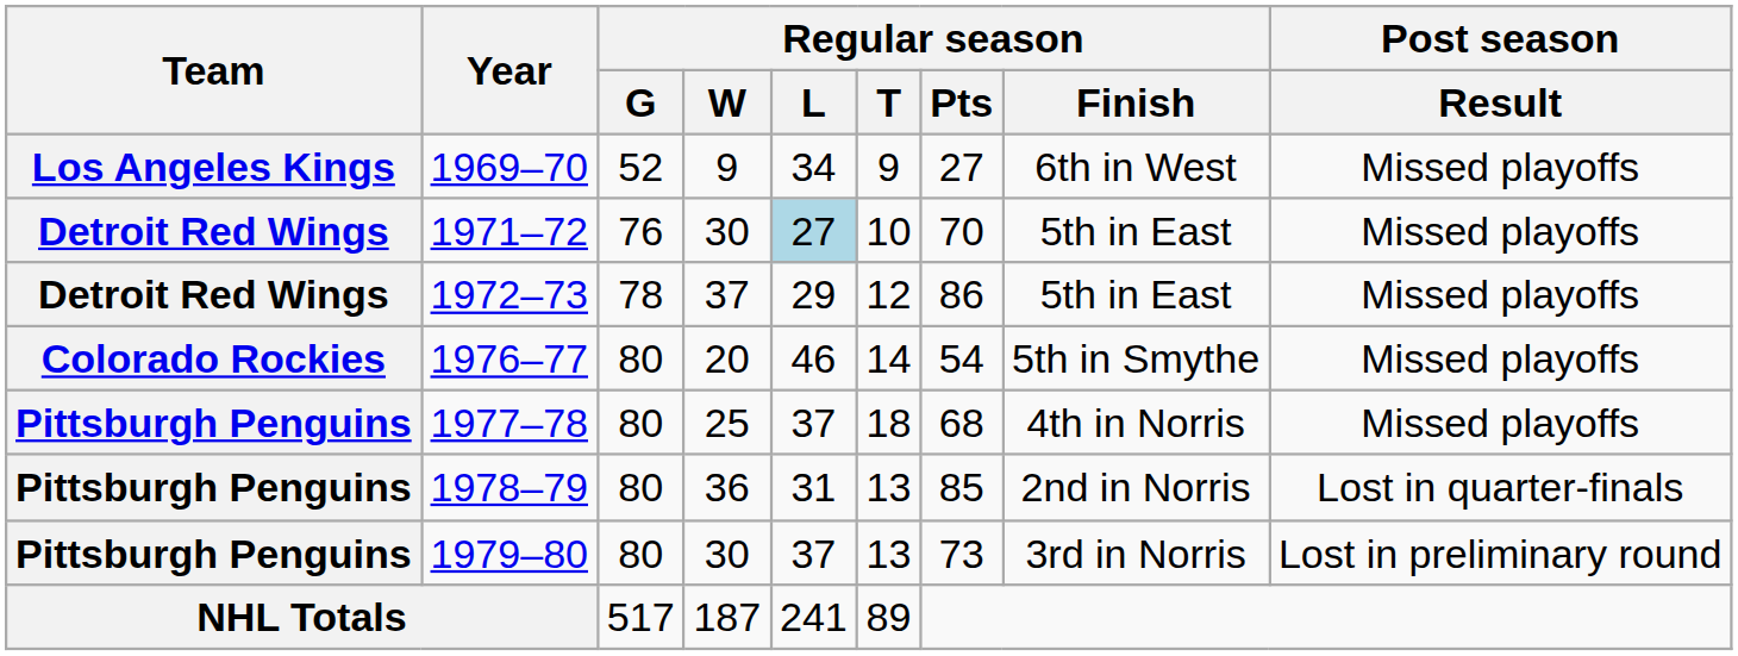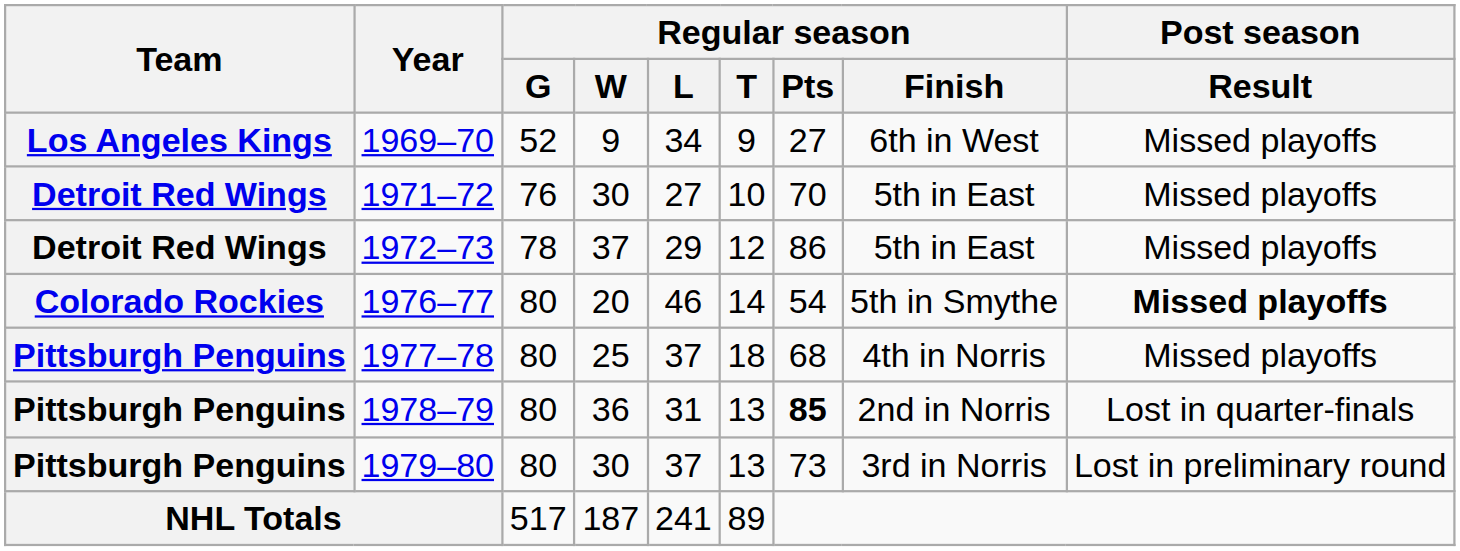 <table class="wikitable" style="font-size: 95%; text-align:center;">
 <tr>
 <th rowspan="2">Team</th>
 <th rowspan="2">Year</th>
 <th colspan="6">Regular season</th>
 <th colspan="1">Post season</th>
 </tr>
 <tr>
 <th>G</th>
 <th>W</th>
 <th>L</th>
 <th>T</th>
 <th>Pts</th>
 <th>Finish</th>
 <th>Result</th>
 </tr>
 <tr>
 <th><a href='#'>Los Angeles Kings</a></th>
 <td><a href='#'>1969–70</a></td>
 <td>52</td>
 <td>9</td>
 <td>34</td>
 <td>9</td>
 <td>27</td>
 <td>6th in West</td>
 <td>Missed playoffs</td>
 </tr>
 <tr>
 <th><a href='#'>Detroit Red Wings</a></th>
 <td><a href='#'>1971–72</a></td>
 <td>76</td>
 <td>30</td>
-<td style="background: lightblue;">27</td>
+<td>27</td>
 <td>10</td>
 <td>70</td>
 <td>5th in East</td>
 <td>Missed playoffs</td>
 </tr>
 <tr>
 <th>Detroit Red Wings</th>
 <td><a href='#'>1972–73</a></td>
 <td>78</td>
 <td>37</td>
 <td>29</td>
 <td>12</td>
 <td>86</td>
 <td>5th in East</td>
 <td>Missed playoffs</td>
 </tr>
 <tr>
 <th><a href='#'>Colorado Rockies</a></th>
 <td><a href='#'>1976–77</a></td>
 <td>80</td>
 <td>20</td>
 <td>46</td>
 <td>14</td>
 <td>54</td>
 <td>5th in Smythe</td>
-<td>Missed playoffs</td>
+<td><strong>Missed playoffs</strong></td>
 </tr>
 <tr>
 <th><a href='#'>Pittsburgh Penguins</a></th>
 <td><a href='#'>1977–78</a></td>
 <td>80</td>
 <td>25</td>
 <td>37</td>
 <td>18</td>
 <td>68</td>
 <td>4th in Norris</td>
 <td>Missed playoffs</td>
 </tr>
 <tr>
 <th>Pittsburgh Penguins</th>
 <td><a href='#'>1978–79</a></td>
 <td>80</td>
 <td>36</td>
 <td>31</td>
 <td>13</td>
-<td>85</td>
+<td><strong>85</strong></td>
 <td>2nd in Norris</td>
 <td>Lost in quarter-finals</td>
 </tr>
 <tr>
 <th>Pittsburgh Penguins</th>
 <td><a href='#'>1979–80</a></td>
 <td>80</td>
 <td>30</td>
 <td>37</td>
 <td>13</td>
 <td>73</td>
 <td>3rd in Norris</td>
 <td>Lost in preliminary round</td>
 </tr>
 <tr>
 <th colspan="2">NHL Totals</th>
 <td>517</td>
 <td>187</td>
 <td>241</td>
 <td>89</td>
 </tr>
 </table>
